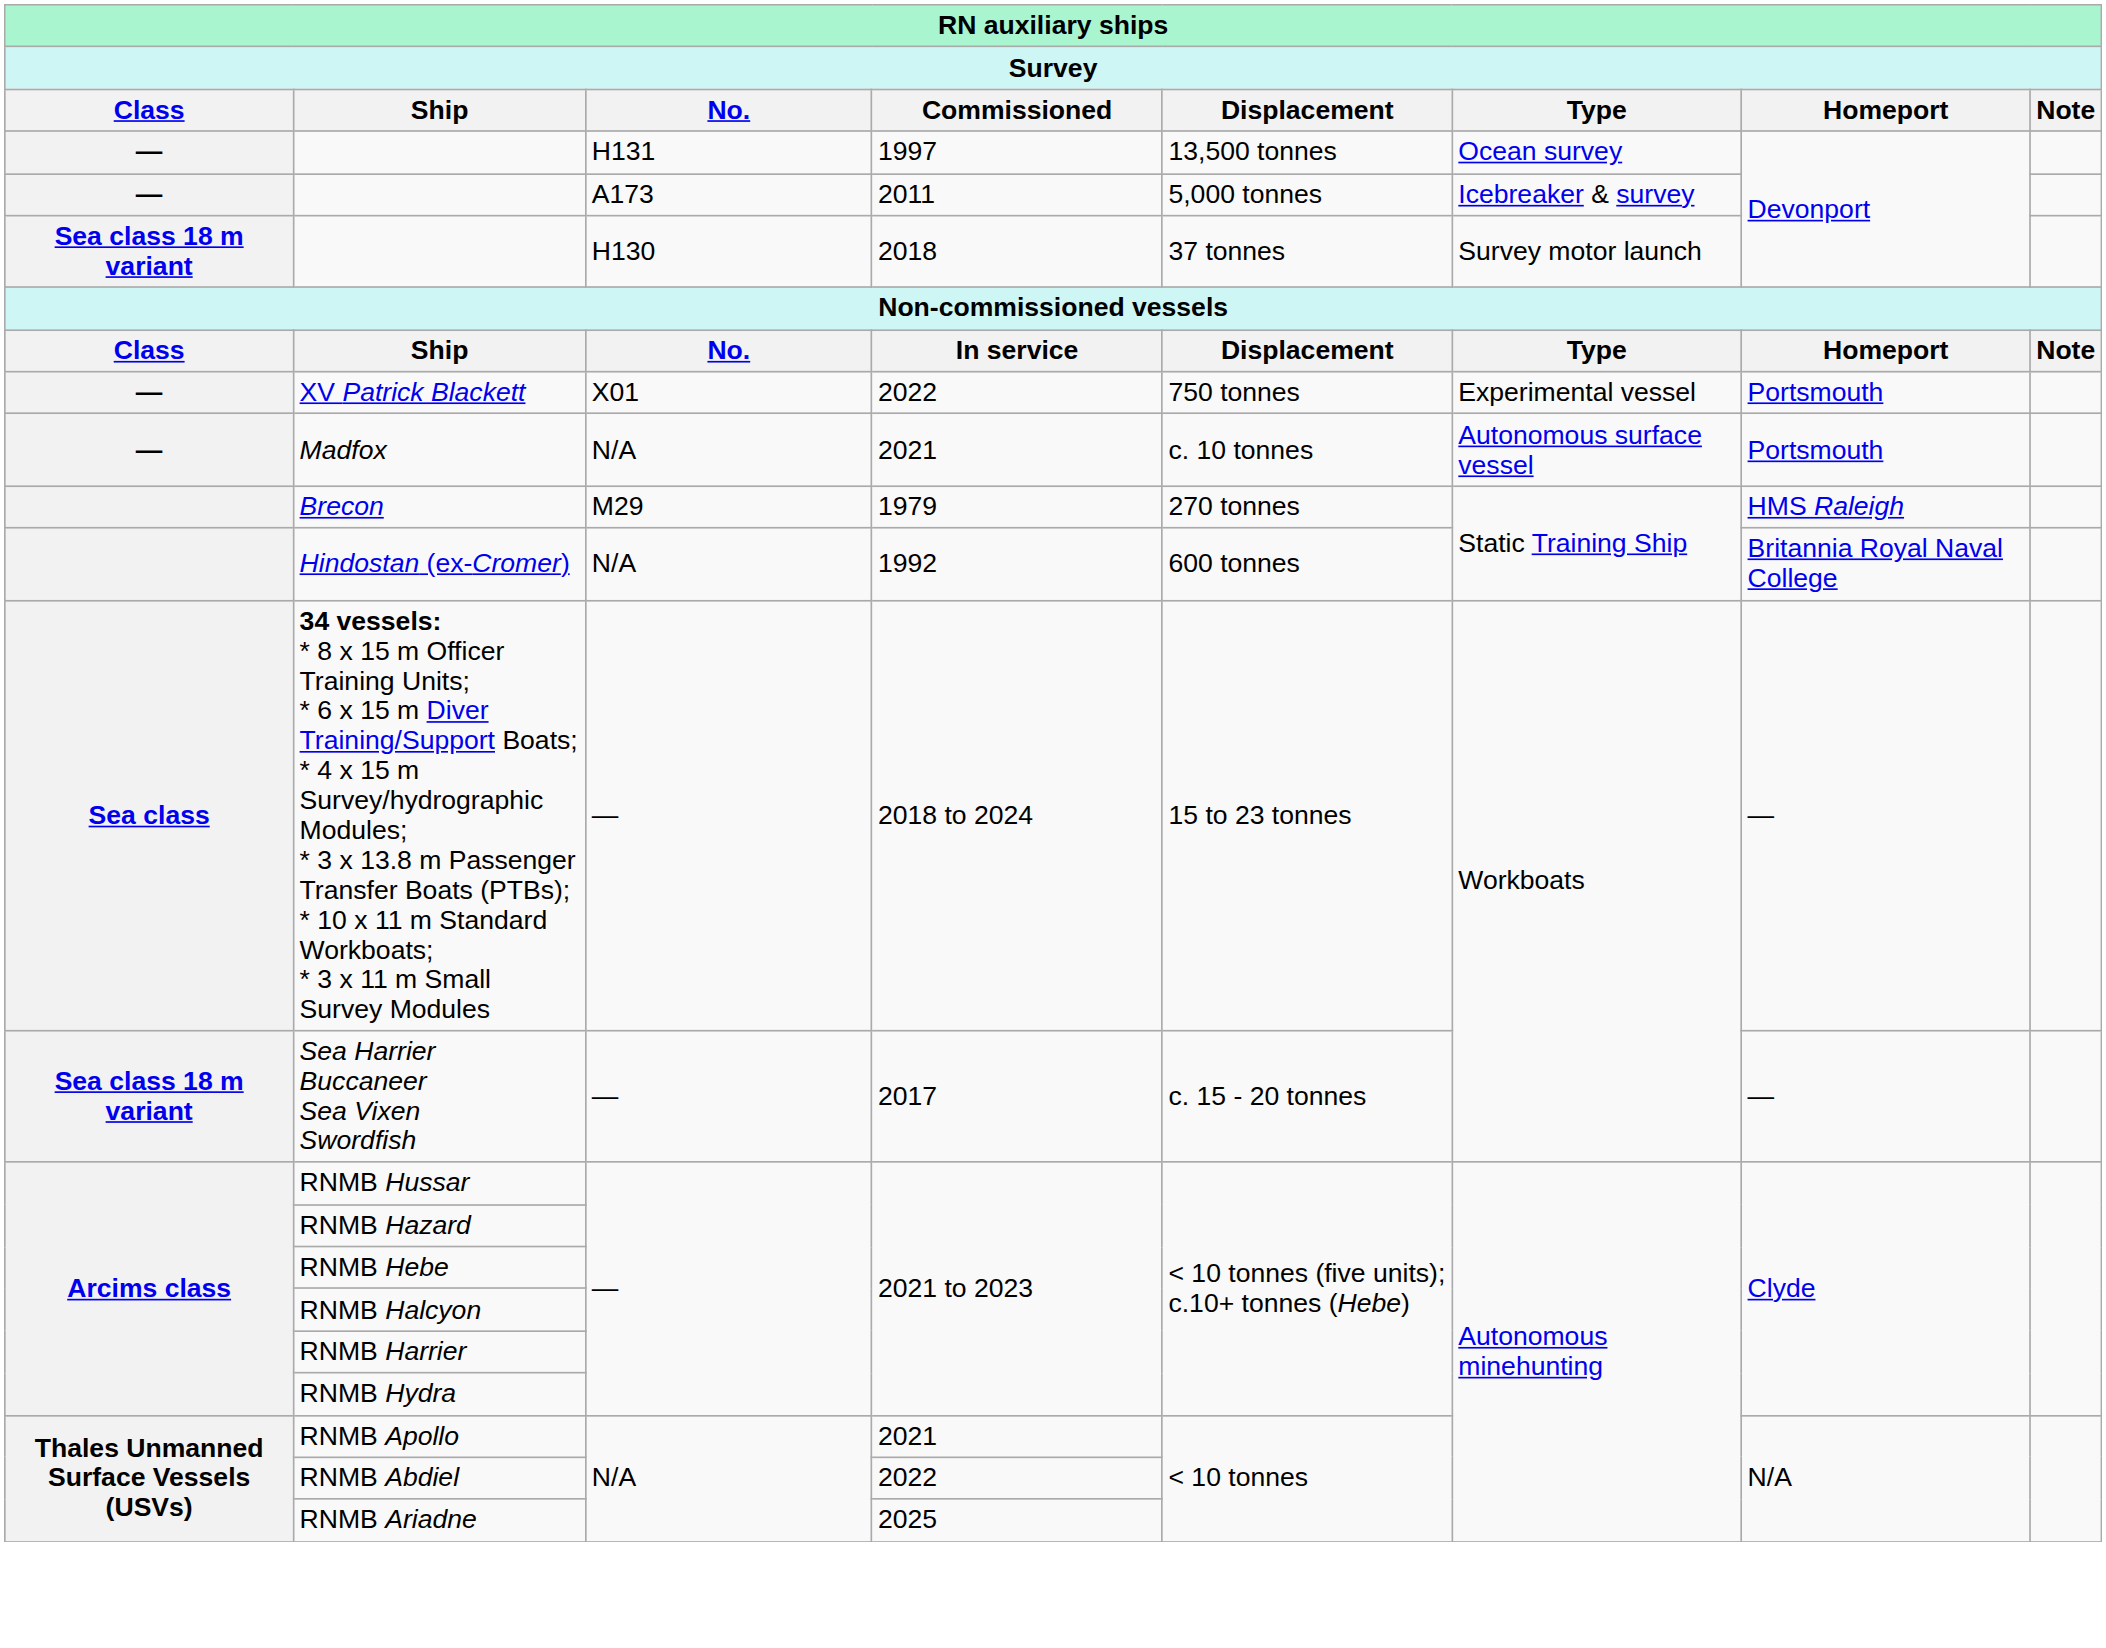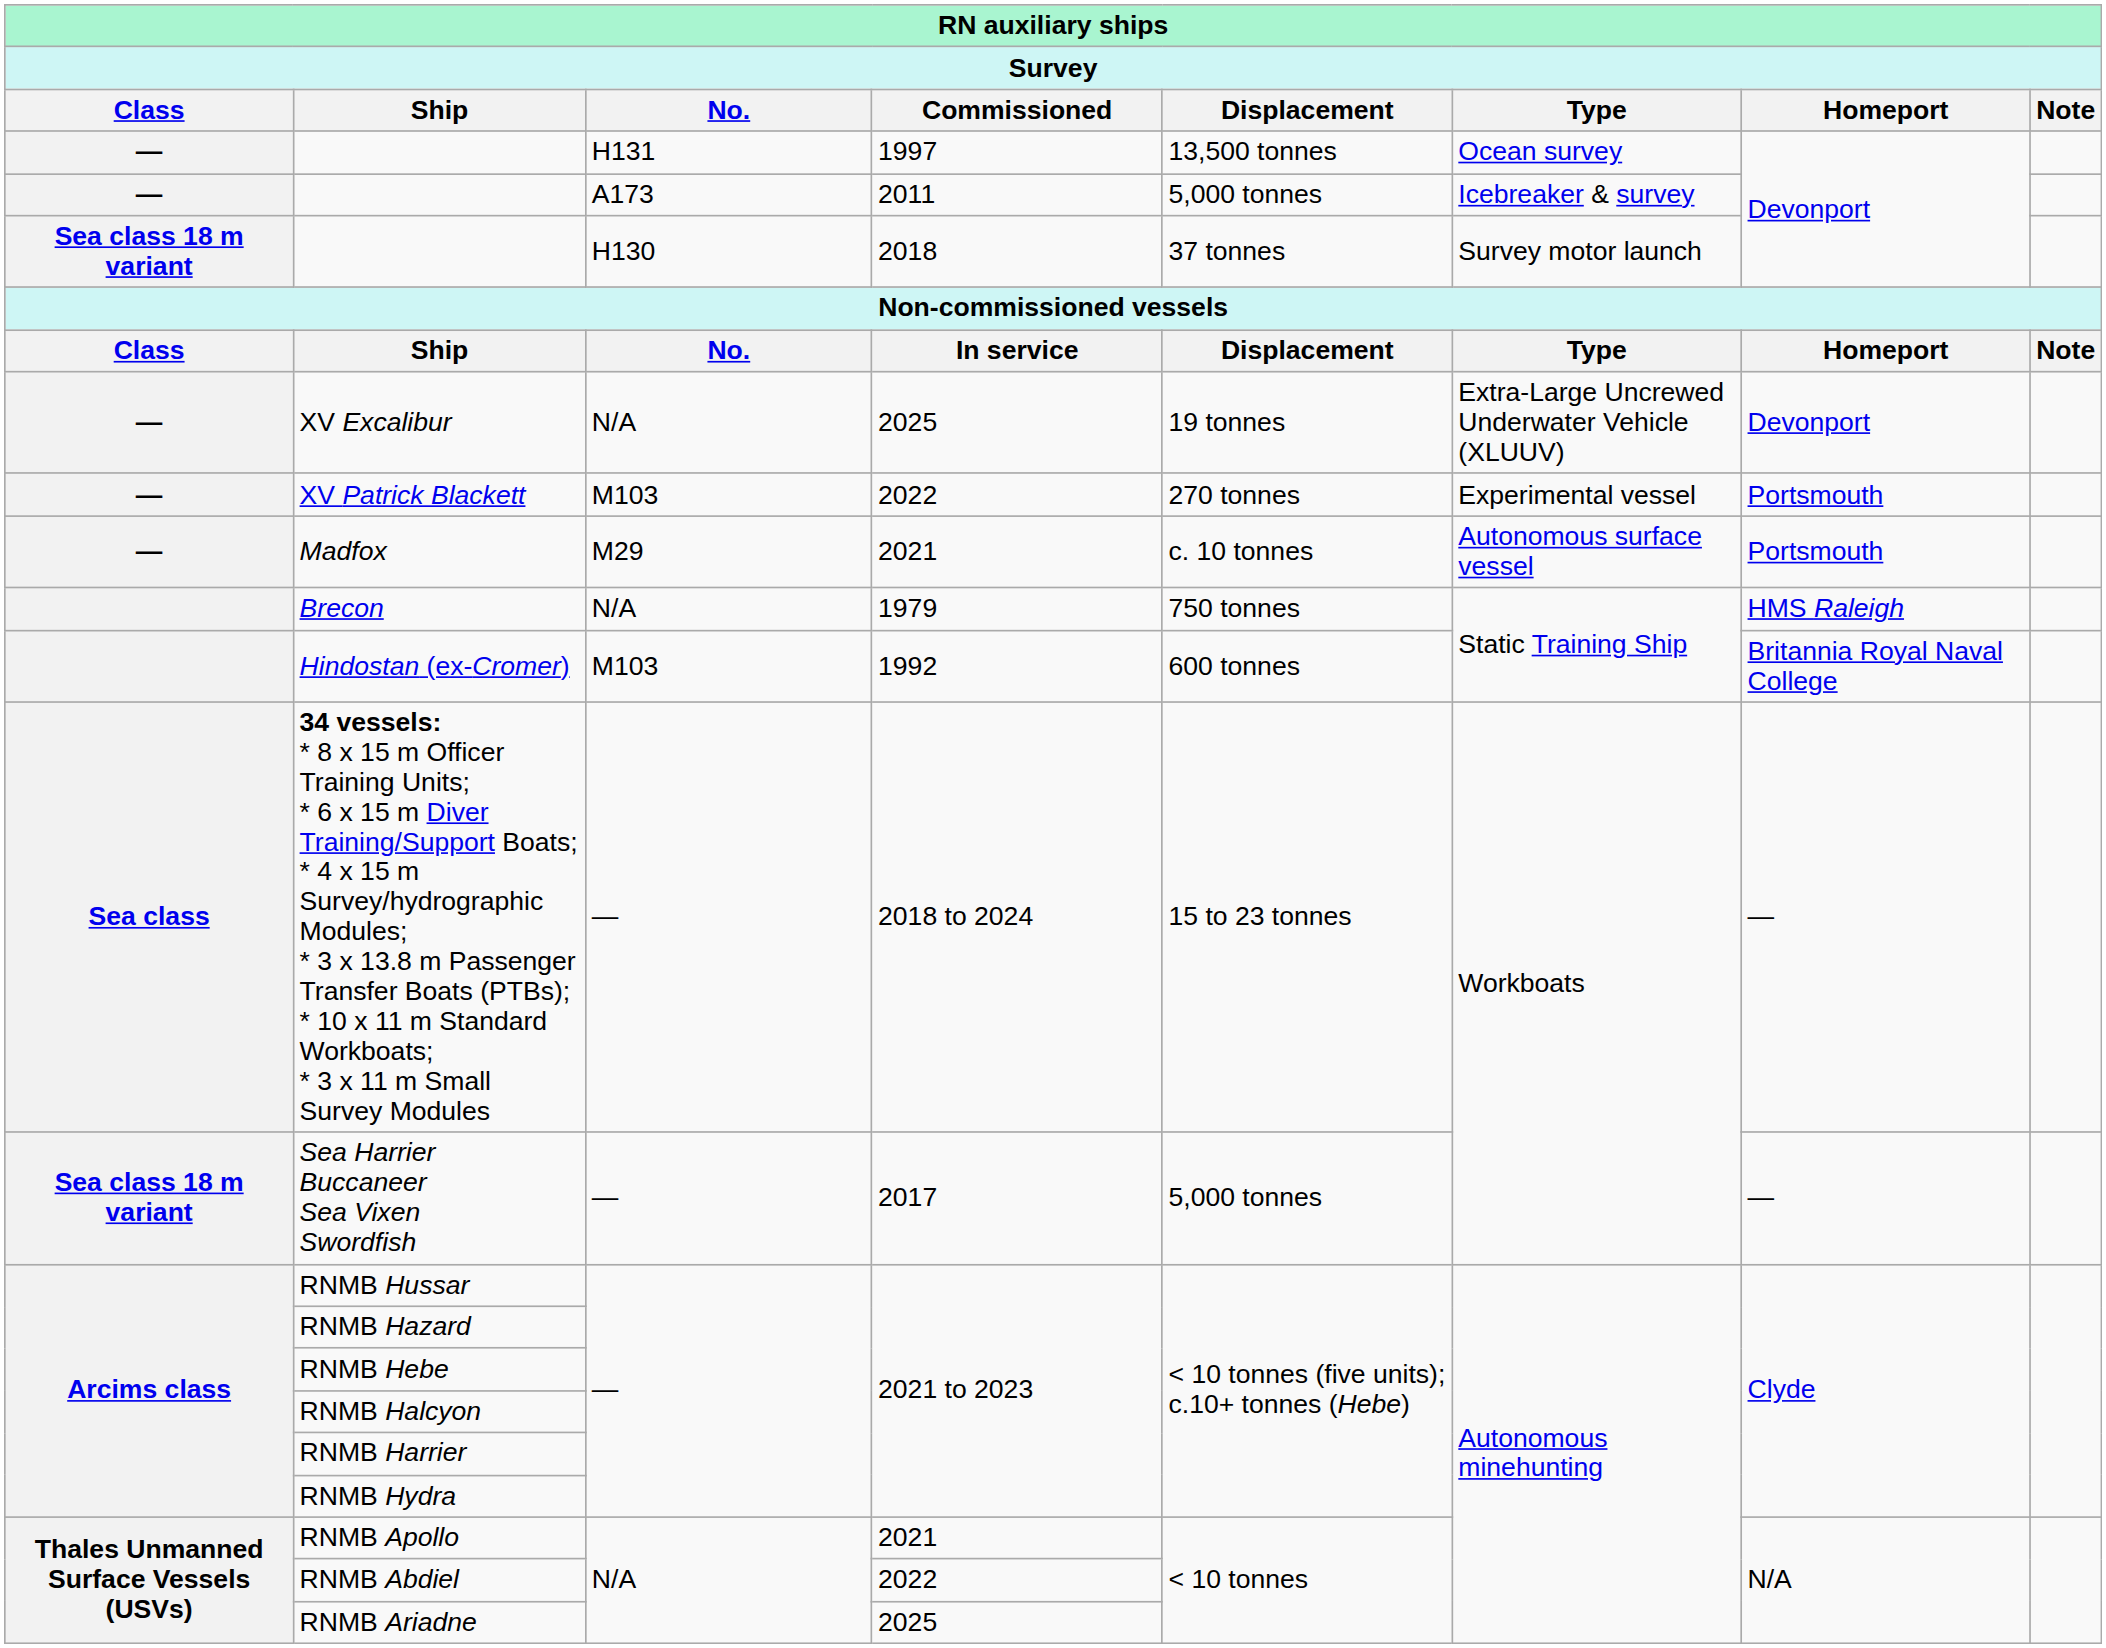 <table class="wikitable" style="margin:auto; width:100%;">
 <tr>
 <th style="align: center; background: #A9F5D0;" colspan="8">RN auxiliary ships</th>
 </tr>
 <tr>
 <th style="align: center; background: #CEF6F5;" colspan="8">Survey</th>
 </tr>
 <tr>
 <th style="text-align:center; width:14%;"><a href='#'>Class</a></th>
 <th style="text-align:center; width:14%;">Ship</th>
 <th style="text-align:center; width:14%;"><a href='#'>No.</a></th>
 <th style="text-align:center; width:14%;">Commissioned</th>
 <th style="text-align:center; width:14%;">Displacement</th>
 <th style="text-align:center; width:14%;">Type</th>
 <th style="text-align:center; width:14%;">Homeport</th>
 <th style="text-align:center; width:2%;">Note</th>
 </tr>
 <tr>
 <th rowspan="1">—</th>
 <td></td>
 <td>H131</td>
 <td>1997</td>
 <td>13,500 tonnes</td>
 <td><a href='#'>Ocean survey</a></td>
 <td rowspan="3"><a href='#'>Devonport</a></td>
 <td></td>
 </tr>
 <tr>
 <th rowspan="1">—</th>
 <td></td>
 <td>A173</td>
 <td>2011</td>
 <td>5,000 tonnes</td>
 <td><a href='#'>Icebreaker</a> & <a href='#'>survey</a></td>
 <td></td>
 </tr>
 <tr>
 <th rowspan="1"><a href='#'>Sea class 18 m variant</a></th>
 <td></td>
 <td>H130</td>
 <td>2018</td>
 <td>37 tonnes</td>
 <td>Survey motor launch</td>
 <td></td>
 </tr>
 <tr>
 <th style="align: center; background: #CEF6F5;" colspan="8">Non-commissioned vessels</th>
 </tr>
 <tr>
 <th style="text-align:center; width:14%;"><a href='#'>Class</a></th>
 <th style="text-align:center; width:14%;">Ship</th>
 <th style="text-align:center; width:14%;"><a href='#'>No.</a></th>
 <th style="text-align:center; width:14%;">In service</th>
 <th style="text-align:center; width:14%;">Displacement</th>
 <th style="text-align:center; width:14%;">Type</th>
 <th style="text-align:center; width:14%;">Homeport</th>
 <th style="text-align:center; width:2%;">Note</th>
 </tr>
 <tr>
 <th rowspan="1">—</th>
+<td>XV <em>Excalibur</em></td>
+<td>N/A</td>
+<td>2025</td>
+<td>19 tonnes</td>
+<td>Extra-Large Uncrewed Underwater Vehicle (XLUUV)</td>
+<td><a href='#'>Devonport</a></td>
+<td></td>
+</tr>
+<tr>
+<th rowspan="1">—</th>
 <td><a href='#'>XV <em>Patrick Blackett</em></a></td>
-<td>X01</td>
+<td>M103</td>
 <td>2022</td>
-<td>750 tonnes</td>
+<td>270 tonnes</td>
 <td>Experimental vessel</td>
 <td><a href='#'>Portsmouth</a></td>
 <td></td>
 </tr>
 <tr>
 <th rowspan="1">—</th>
 <td><em>Madfox</em></td>
-<td>N/A</td>
+<td>M29</td>
 <td>2021</td>
 <td>c. 10 tonnes</td>
 <td><a href='#'>Autonomous surface vessel</a></td>
 <td><a href='#'>Portsmouth</a></td>
 <td></td>
 </tr>
 <tr>
 <th></th>
 <td><a href='#'><em>Brecon</em></a></td>
-<td>M29</td>
+<td>N/A</td>
 <td>1979</td>
-<td>270 tonnes</td>
+<td>750 tonnes</td>
 <td rowspan="2">Static <a href='#'>Training Ship</a></td>
 <td><a href='#'>HMS <em>Raleigh</em></a></td>
 <td></td>
 </tr>
 <tr>
 <th></th>
 <td><a href='#'><em>Hindostan</em> (ex-<em>Cromer</em>)</a></td>
-<td>N/A</td>
+<td>M103</td>
 <td>1992</td>
 <td>600 tonnes</td>
 <td><a href='#'>Britannia Royal Naval College</a></td>
 <td></td>
 </tr>
 <tr>
 <th rowspan="1"><a href='#'>Sea class</a></th>
 <td><strong>34 vessels:</strong> <br> * 8 x 15 m Officer Training Units; <br> * 6 x 15 m <a href='#'>Diver Training/Support</a> Boats; <br> * 4 x 15 m Survey/hydrographic Modules; <br> * 3 x 13.8 m Passenger Transfer Boats (PTBs); <br> * 10 x 11 m Standard Workboats; <br> * 3 x 11 m Small Survey Modules</td>
 <td>—</td>
 <td>2018 to 2024</td>
 <td>15 to 23 tonnes</td>
 <td rowspan="2">Workboats</td>
 <td>—</td>
 <td></td>
 </tr>
 <tr>
 <th rowspan="1"><a href='#'>Sea class 18 m variant</a></th>
 <td><em>Sea Harrier</em><br> <em>Buccaneer</em><br> <em>Sea Vixen</em><br> <em>Swordfish</em></td>
 <td>—</td>
 <td>2017</td>
-<td>c. 15 - 20 tonnes</td>
+<td>5,000 tonnes</td>
 <td>—</td>
 <td></td>
 </tr>
 <tr>
 <th rowspan="6"><a href='#'>Arcims class</a></th>
 <td>RNMB <em>Hussar</em></td>
 <td rowspan="6">—</td>
 <td rowspan="6">2021 to 2023</td>
 <td rowspan="6">< 10 tonnes (five units); c.10+ tonnes (<em>Hebe</em>)</td>
 <td rowspan="9"><a href='#'>Autonomous minehunting</a></td>
 <td rowspan="6"><a href='#'>Clyde</a></td>
 <td rowspan="6"></td>
 </tr>
 <tr>
 <td>RNMB <em>Hazard</em></td>
 </tr>
 <tr>
 <td>RNMB <em>Hebe</em></td>
 </tr>
 <tr>
 <td>RNMB <em>Halcyon</em></td>
 </tr>
 <tr>
 <td>RNMB <em>Harrier</em></td>
 </tr>
 <tr>
 <td>RNMB <em>Hydra</em></td>
 </tr>
 <tr>
 <th rowspan="3">Thales Unmanned Surface Vessels (USVs)</th>
 <td>RNMB <em>Apollo</em></td>
 <td rowspan="3">N/A</td>
 <td>2021</td>
 <td rowspan="3">< 10 tonnes</td>
 <td rowspan="3">N/A</td>
 <td rowspan="3"></td>
 </tr>
 <tr>
 <td>RNMB <em>Abdiel</em></td>
 <td>2022</td>
 </tr>
 <tr>
 <td>RNMB <em>Ariadne</em></td>
 <td>2025</td>
 </tr>
 </table>
